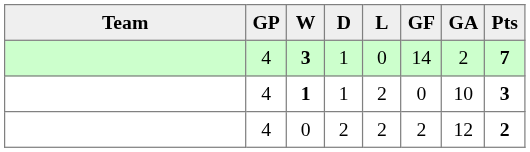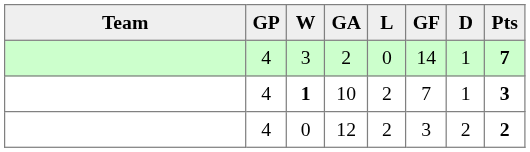 <table style=border-collapse:collapse border=1 cellspacing=0 cellpadding=5>
 <tr align=center bgcolor=#efefef>
 <th width=185>Team</th>
 <th width=20>GP</th>
 <th width=20>W</th>
-<th width=20>D</th>
+<th width=20>GA</th>
 <th width=20>L</th>
 <th width=20>GF</th>
-<th width=20>GA</th>
+<th width=20>D</th>
 <th width=20>Pts</th>
 </tr>
 <tr bgcolor=#ccffcc align=center>
 <td style="text-align:left;"></td>
 <td>4</td>
-<td><strong>3</strong></td>
-<td>1</td>
+<td>3</td>
+<td>2</td>
 <td>0</td>
 <td>14</td>
-<td>2</td>
+<td>1</td>
 <td><strong>7</strong></td>
 </tr>
 <tr align=center>
 <td style="text-align:left;"></td>
 <td>4</td>
 <td><strong>1</strong></td>
+<td>10</td>
+<td>2</td>
+<td>7</td>
 <td>1</td>
-<td>2</td>
-<td>0</td>
-<td>10</td>
 <td><strong>3</strong></td>
 </tr>
 <tr align=center>
 <td style="text-align:left;"></td>
 <td>4</td>
 <td>0</td>
+<td>12</td>
 <td>2</td>
+<td>3</td>
 <td>2</td>
-<td>2</td>
-<td>12</td>
 <td><strong>2</strong></td>
 </tr>
 </table>
